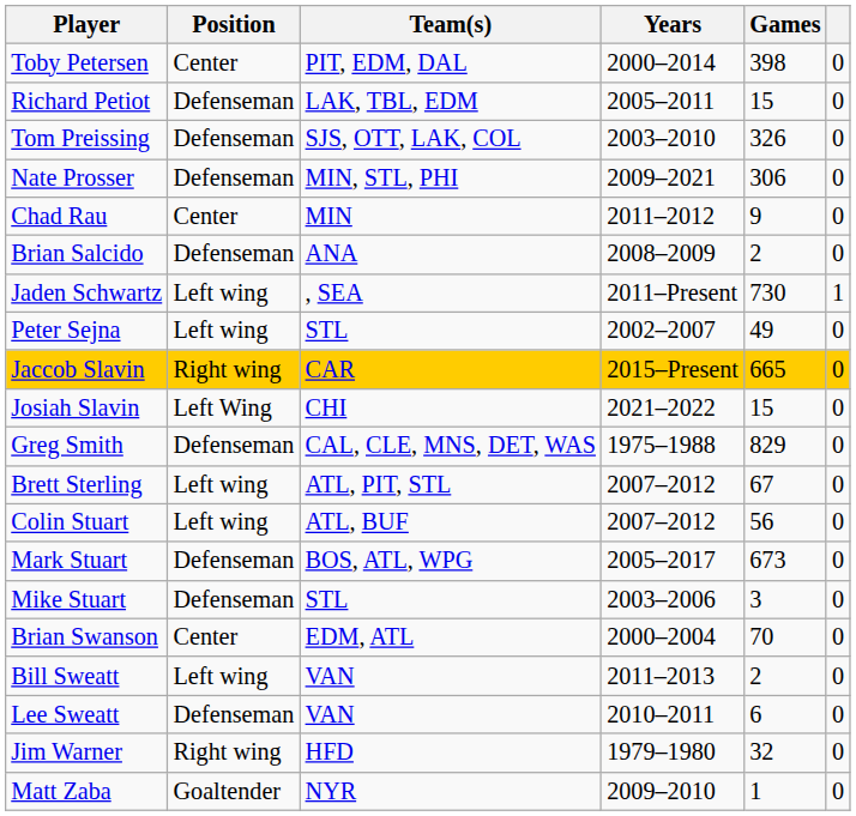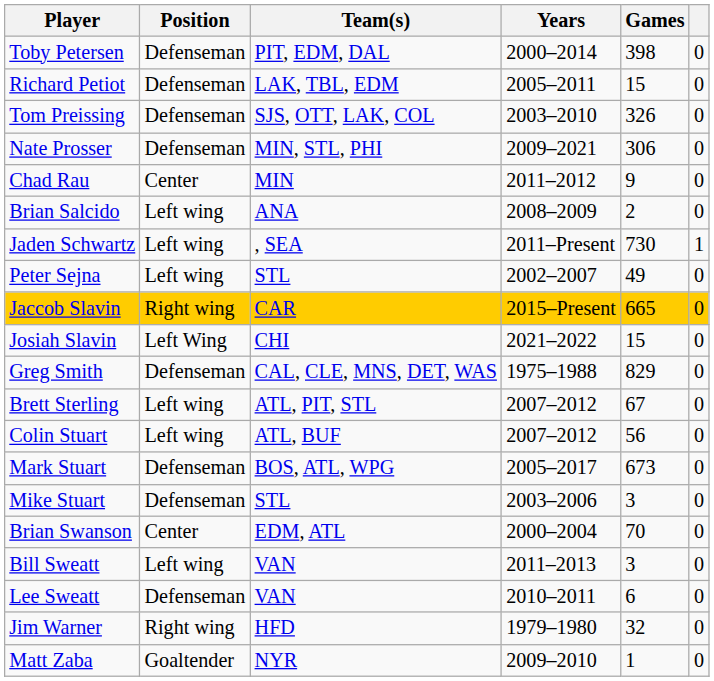 <table class="wikitable sortable">
 <tr>
 <th>Player</th>
 <th>Position</th>
 <th>Team(s)</th>
 <th>Years</th>
 <th>Games</th>
 <th><a href='#'></a></th>
 </tr>
 <tr>
 <td><a href='#'>Toby Petersen</a></td>
-<td>Center</td>
+<td>Defenseman</td>
 <td><a href='#'>PIT</a>, <a href='#'>EDM</a>, <a href='#'>DAL</a></td>
 <td>2000–2014</td>
 <td>398</td>
 <td>0</td>
 </tr>
 <tr>
 <td><a href='#'>Richard Petiot</a></td>
 <td>Defenseman</td>
 <td><a href='#'>LAK</a>, <a href='#'>TBL</a>, <a href='#'>EDM</a></td>
 <td>2005–2011</td>
 <td>15</td>
 <td>0</td>
 </tr>
 <tr>
 <td><a href='#'>Tom Preissing</a></td>
 <td>Defenseman</td>
 <td><a href='#'>SJS</a>, <a href='#'>OTT</a>, <a href='#'>LAK</a>, <a href='#'>COL</a></td>
 <td>2003–2010</td>
 <td>326</td>
 <td>0</td>
 </tr>
 <tr>
 <td><a href='#'>Nate Prosser</a></td>
 <td>Defenseman</td>
 <td><a href='#'>MIN</a>, <a href='#'>STL</a>, <a href='#'>PHI</a></td>
 <td>2009–2021</td>
 <td>306</td>
 <td>0</td>
 </tr>
 <tr>
 <td><a href='#'>Chad Rau</a></td>
 <td>Center</td>
 <td><a href='#'>MIN</a></td>
 <td>2011–2012</td>
 <td>9</td>
 <td>0</td>
 </tr>
 <tr>
 <td><a href='#'>Brian Salcido</a></td>
-<td>Defenseman</td>
+<td>Left wing</td>
 <td><a href='#'>ANA</a></td>
 <td>2008–2009</td>
 <td>2</td>
 <td>0</td>
 </tr>
 <tr>
 <td><a href='#'>Jaden Schwartz</a></td>
 <td>Left wing</td>
 <td><span><strong></strong></span>, <a href='#'>SEA</a></td>
 <td>2011–Present</td>
 <td>730</td>
 <td>1</td>
 </tr>
 <tr>
 <td><a href='#'>Peter Sejna</a></td>
 <td>Left wing</td>
 <td><a href='#'>STL</a></td>
 <td>2002–2007</td>
 <td>49</td>
 <td>0</td>
 </tr>
 <tr bgcolor=FFCC00>
 <td><a href='#'>Jaccob Slavin</a></td>
 <td>Right wing</td>
 <td><a href='#'>CAR</a></td>
 <td>2015–Present</td>
 <td>665</td>
 <td>0</td>
 </tr>
 <tr>
 <td><a href='#'>Josiah Slavin</a></td>
 <td>Left Wing</td>
 <td><a href='#'>CHI</a></td>
 <td>2021–2022</td>
 <td>15</td>
 <td>0</td>
 </tr>
 <tr>
 <td><a href='#'>Greg Smith</a></td>
 <td>Defenseman</td>
 <td><a href='#'>CAL</a>, <a href='#'>CLE</a>, <a href='#'>MNS</a>, <a href='#'>DET</a>, <a href='#'>WAS</a></td>
 <td>1975–1988</td>
 <td>829</td>
 <td>0</td>
 </tr>
 <tr>
 <td><a href='#'>Brett Sterling</a></td>
 <td>Left wing</td>
 <td><a href='#'>ATL</a>, <a href='#'>PIT</a>, <a href='#'>STL</a></td>
 <td>2007–2012</td>
 <td>67</td>
 <td>0</td>
 </tr>
 <tr>
 <td><a href='#'>Colin Stuart</a></td>
 <td>Left wing</td>
 <td><a href='#'>ATL</a>, <a href='#'>BUF</a></td>
 <td>2007–2012</td>
 <td>56</td>
 <td>0</td>
 </tr>
 <tr>
 <td><a href='#'>Mark Stuart</a></td>
 <td>Defenseman</td>
 <td><a href='#'>BOS</a>, <a href='#'>ATL</a>, <a href='#'>WPG</a></td>
 <td>2005–2017</td>
 <td>673</td>
 <td>0</td>
 </tr>
 <tr>
 <td><a href='#'>Mike Stuart</a></td>
 <td>Defenseman</td>
 <td><a href='#'>STL</a></td>
 <td>2003–2006</td>
 <td>3</td>
 <td>0</td>
 </tr>
 <tr>
 <td><a href='#'>Brian Swanson</a></td>
 <td>Center</td>
 <td><a href='#'>EDM</a>, <a href='#'>ATL</a></td>
 <td>2000–2004</td>
 <td>70</td>
 <td>0</td>
 </tr>
 <tr>
 <td><a href='#'>Bill Sweatt</a></td>
 <td>Left wing</td>
 <td><a href='#'>VAN</a></td>
 <td>2011–2013</td>
-<td>2</td>
+<td>3</td>
 <td>0</td>
 </tr>
 <tr>
 <td><a href='#'>Lee Sweatt</a></td>
 <td>Defenseman</td>
 <td><a href='#'>VAN</a></td>
 <td>2010–2011</td>
 <td>6</td>
 <td>0</td>
 </tr>
 <tr>
 <td><a href='#'>Jim Warner</a></td>
 <td>Right wing</td>
 <td><a href='#'>HFD</a></td>
 <td>1979–1980</td>
 <td>32</td>
 <td>0</td>
 </tr>
 <tr>
 <td><a href='#'>Matt Zaba</a></td>
 <td>Goaltender</td>
 <td><a href='#'>NYR</a></td>
 <td>2009–2010</td>
 <td>1</td>
 <td>0</td>
 </tr>
 </table>
